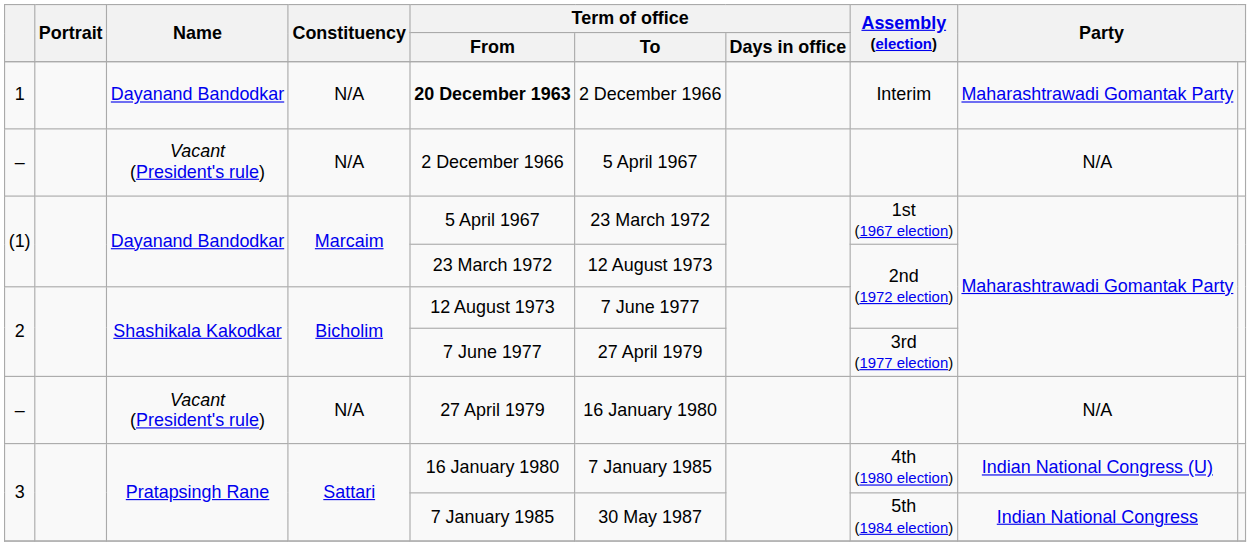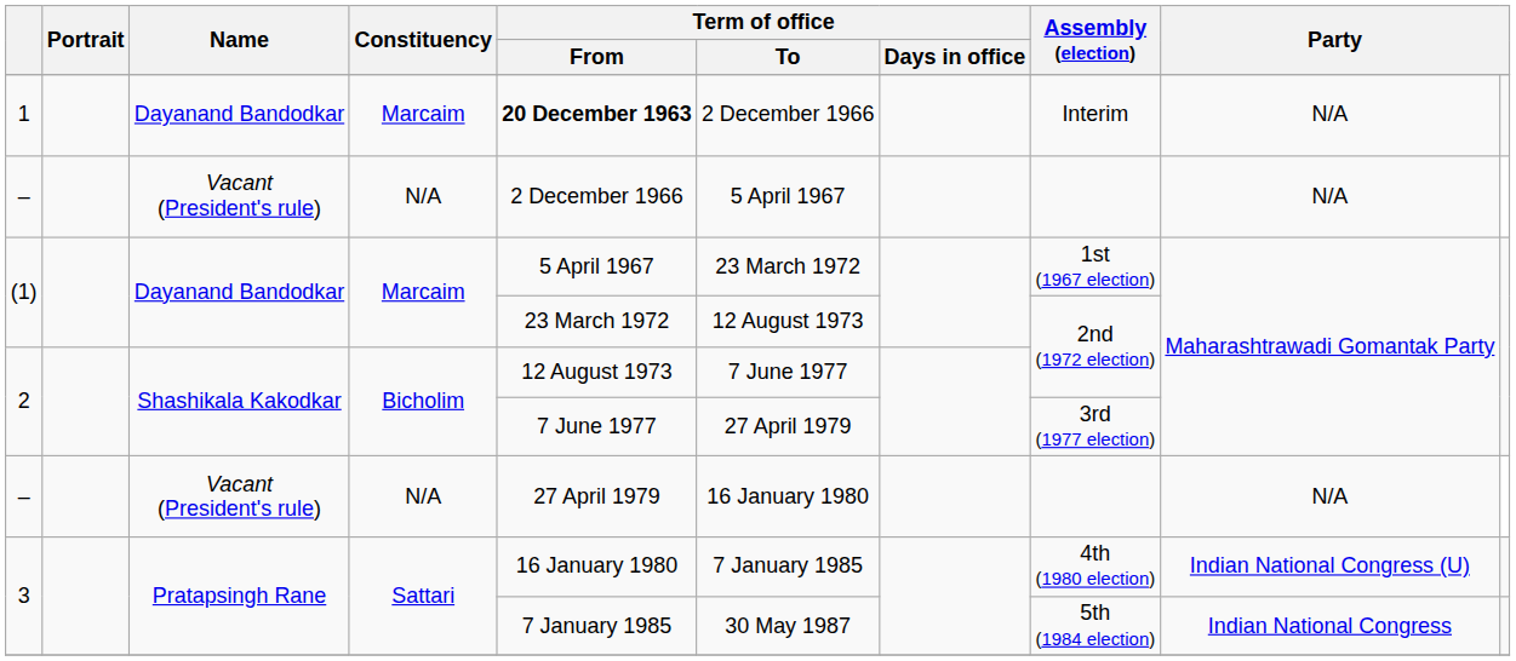 <table class="wikitable sortable" style="text-align:center">
 <tr>
 <th rowspan="2"></th>
 <th rowspan="2">Portrait</th>
 <th rowspan="2">Name</th>
 <th rowspan="2">Constituency</th>
 <th colspan="3">Term of office</th>
 <th rowspan="2"><a href='#'>Assembly</a><br><small>(<a href='#'>election</a>)</small></th>
 <th colspan="2" rowspan="2">Party</th>
 </tr>
 <tr>
 <th>From</th>
 <th>To</th>
 <th>Days in office</th>
 </tr>
 <tr>
 </tr>
 <tr align="center" style="height: 60px;">
 <td>1</td>
 <td></td>
 <td><a href='#'>Dayanand Bandodkar</a></td>
-<td>N/A</td>
+<td><a href='#'>Marcaim</a></td>
 <td><strong>20 December 1963</strong></td>
 <td>2 December 1966</td>
 <td></td>
 <td>Interim</td>
-<td><a href='#'>Maharashtrawadi Gomantak Party</a></td>
+<td>N/A</td>
 <td style="background-color: "></td>
 </tr>
 <tr align="center" style="height: 60px;">
 <td>–</td>
 <td></td>
 <td><em>Vacant</em><br>(<a href='#'>President's rule</a>)</td>
 <td>N/A</td>
 <td>2 December 1966</td>
 <td>5 April 1967</td>
 <td></td>
 <td></td>
 <td>N/A</td>
 <td style="background-color: white"></td>
 </tr>
 <tr align="center">
 <td rowspan="2">(1)</td>
 <td rowspan="2"></td>
 <td rowspan="2"><a href='#'>Dayanand Bandodkar</a></td>
 <td rowspan="2"><a href='#'>Marcaim</a></td>
 <td style="height: 30px;">5 April 1967</td>
 <td>23 March 1972</td>
 <td rowspan="2"></td>
 <td>1st<br><small>(<a href='#'>1967 election</a>)</small></td>
 <td rowspan="4"><a href='#'>Maharashtrawadi Gomantak Party</a></td>
 <td rowspan="4" style="background-color: "></td>
 </tr>
 <tr align="center">
 <td style="height: 30px;">23 March 1972</td>
 <td>12 August 1973</td>
 <td rowspan="2">2nd<br><small>(<a href='#'>1972 election</a>)</small></td>
 </tr>
 <tr align="center">
 <td rowspan="2">2</td>
 <td rowspan="2"></td>
 <td rowspan="2"><a href='#'>Shashikala Kakodkar</a></td>
 <td rowspan="2"><a href='#'>Bicholim</a></td>
 <td style="height: 30px;">12 August 1973</td>
 <td>7 June 1977</td>
 <td rowspan="2"></td>
 </tr>
 <tr align="center">
 <td style="height: 30px;">7 June 1977</td>
 <td>27 April 1979</td>
 <td>3rd<br><small>(<a href='#'>1977 election</a>)</small></td>
 </tr>
 <tr align="center" style="height: 60px;">
 <td>–</td>
 <td></td>
 <td><em>Vacant</em><br>(<a href='#'>President's rule</a>)</td>
 <td>N/A</td>
 <td>27 April 1979</td>
 <td>16 January 1980</td>
 <td></td>
 <td></td>
 <td>N/A</td>
 <td style="background-color: white"></td>
 </tr>
 <tr align="center">
 <td rowspan="2">3</td>
 <td rowspan="2"></td>
 <td rowspan="2"><a href='#'>Pratapsingh Rane</a></td>
 <td rowspan="2"><a href='#'>Sattari</a></td>
 <td style="height: 30px;">16 January 1980</td>
 <td>7 January 1985</td>
 <td rowspan="2"></td>
 <td>4th<br><small>(<a href='#'>1980 election</a>)</small></td>
 <td><a href='#'>Indian National Congress (U)</a></td>
 <td style="background-color:"></td>
 </tr>
 <tr align="center">
 <td style="height: 30px;">7 January 1985</td>
 <td>30 May 1987</td>
 <td>5th<br><small>(<a href='#'>1984 election</a>)</small></td>
 <td><a href='#'>Indian National Congress</a></td>
 <td style="background-color: "></td>
 </tr>
 <tr>
 </tr>
 </table>
